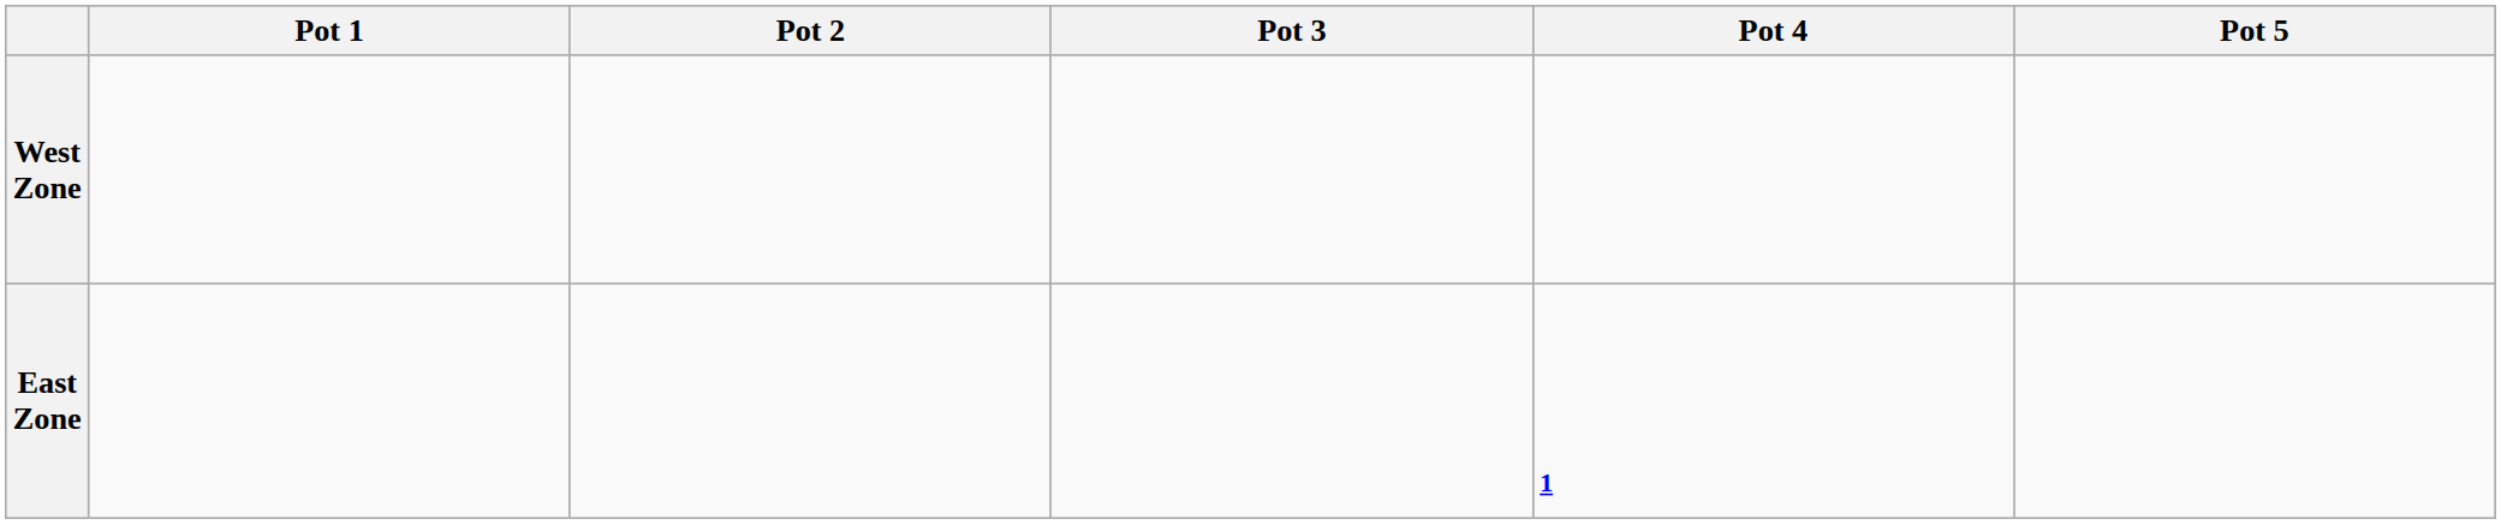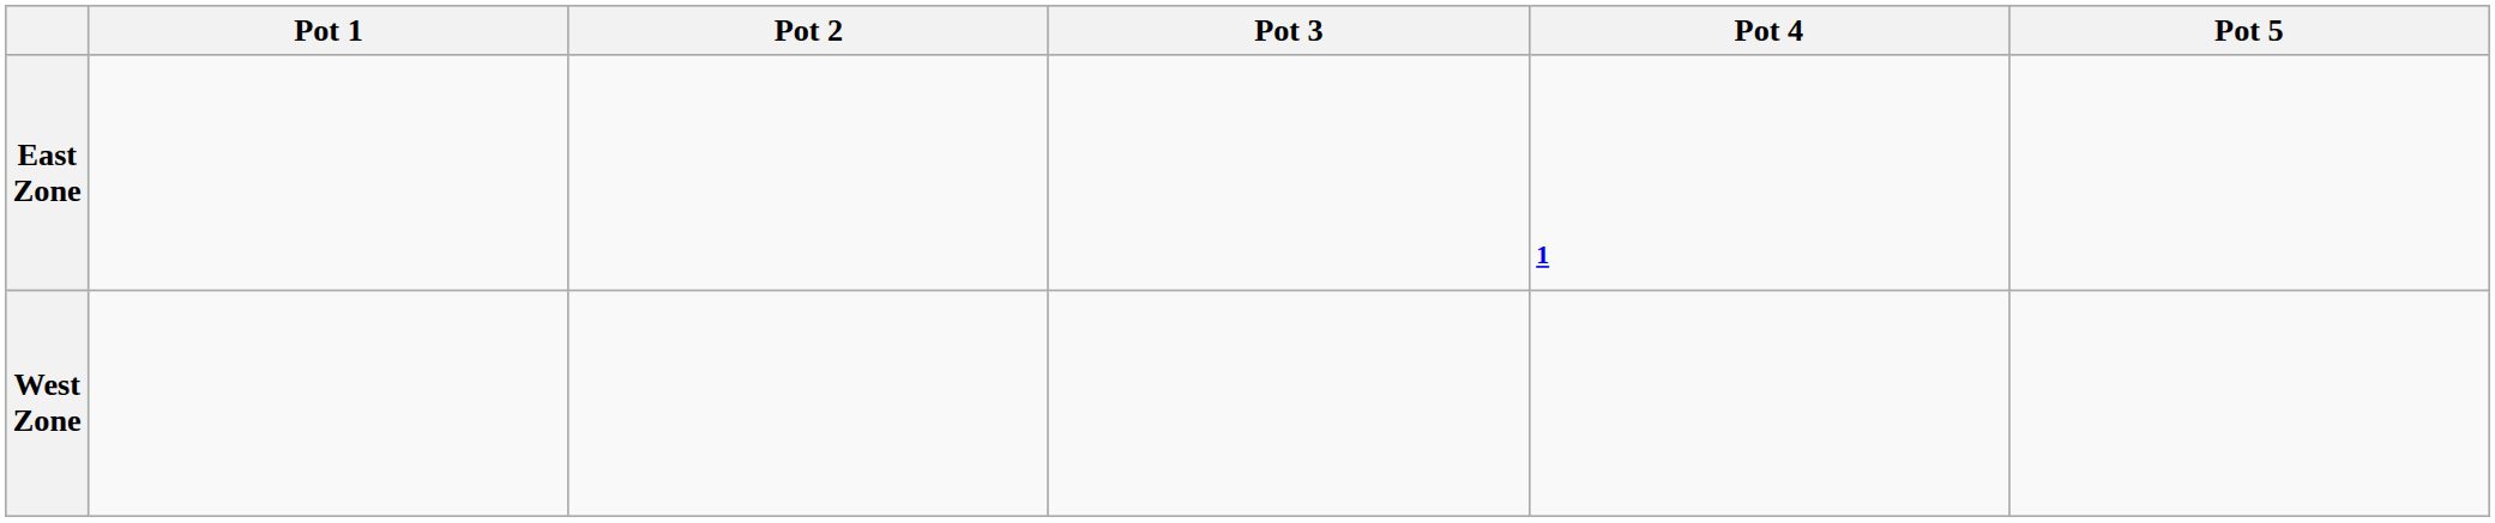 <table class="wikitable" style="width:100%;">
 <tr>
 <th></th>
 <th width=20%>Pot 1</th>
 <th width=20%>Pot 2</th>
 <th width=20%>Pot 3</th>
 <th width=20%>Pot 4</th>
 <th width=20%>Pot 5</th>
 </tr>
 <tr>
+<th>East Zone<br></th>
+<td valign=top><br><br> <br> <br> <br> </td>
+<td valign=top><br><br> <br> <br> <br> </td>
+<td valign=top><br><br> <br> <br> <br> </td>
+<td valign=top><br><br> <br> <br> <br> <sup><strong><a href='#'>1</a></strong></sup></td>
+<td valign=top><br></td>
+</tr>
+<tr>
 <th>West Zone<br></th>
 <td valign=top><br><br> <br> <br> <br> <br> </td>
 <td valign=top><br><br> <br> <br> <br> <br> </td>
 <td valign=top><br><br> <br> <br> <br> <br> </td>
 <td valign=top><br><br> <br> <br> <br> <br> </td>
 <td valign=top></td>
 </tr>
-<tr>
-<th>East Zone<br></th>
-<td valign=top><br><br> <br> <br> <br> </td>
-<td valign=top><br><br> <br> <br> <br> </td>
-<td valign=top><br><br> <br> <br> <br> </td>
-<td valign=top><br><br> <br> <br> <br> <sup><strong><a href='#'>1</a></strong></sup></td>
-<td valign=top><br></td>
-</tr>
 </table>
